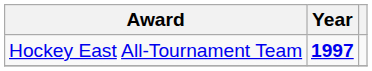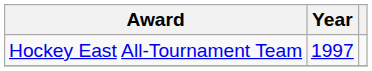 <table class="wikitable">
 <tr>
 <th>Award</th>
 <th>Year</th>
 <th></th>
 </tr>
 <tr>
 <td><a href='#'>Hockey East</a> <a href='#'>All-Tournament Team</a></td>
-<td><strong><a href='#'>1997</a></strong></td>
+<td><a href='#'>1997</a></td>
 <td></td>
 </tr>
 <tr>
 </tr>
 </table>
